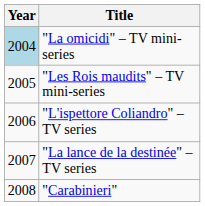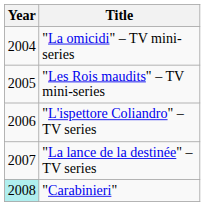 <table class="wikitable">
 <tr>
 <th>Year</th>
 <th style="width:175px;">Title</th>
 </tr>
 <tr>
-<td style="background: lightblue;">2004</td>
+<td>2004</td>
 <td>"<a href='#'>La omicidi</a>" – TV mini-series</td>
 </tr>
 <tr>
 <td>2005</td>
 <td>"<a href='#'>Les Rois maudits</a>" – TV mini-series</td>
 </tr>
 <tr>
 <td>2006</td>
 <td>"<a href='#'>L'ispettore Coliandro</a>" – TV series</td>
 </tr>
 <tr>
 <td>2007</td>
 <td>"<a href='#'>La lance de la destinée</a>" – TV series</td>
 </tr>
 <tr>
-<td>2008</td>
+<td style="background: paleturquoise;">2008</td>
 <td>"<a href='#'>Carabinieri</a>"</td>
 </tr>
 </table>
